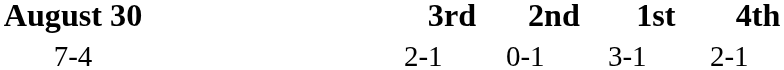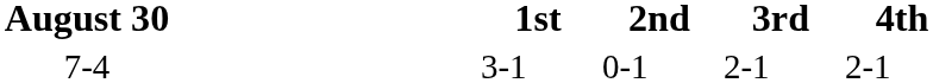 <table width=60% cellspacing=1>
 <tr>
 <th width=20%></th>
 <th width=12%>August 30</th>
 <th width=20%></th>
+<th width=8%>1st</th>
+<th width=8%>2nd</th>
 <th width=8%>3rd</th>
-<th width=8%>2nd</th>
-<th width=8%>1st</th>
 <th width=8%>4th</th>
 </tr>
 <tr style=font-size:90%>
 <td align=right><strong></strong></td>
 <td align=center>7-4</td>
 <td></td>
+<td>3-1</td>
+<td>0-1</td>
 <td>2-1</td>
-<td>0-1</td>
-<td>3-1</td>
 <td>2-1</td>
 </tr>
 </table>
